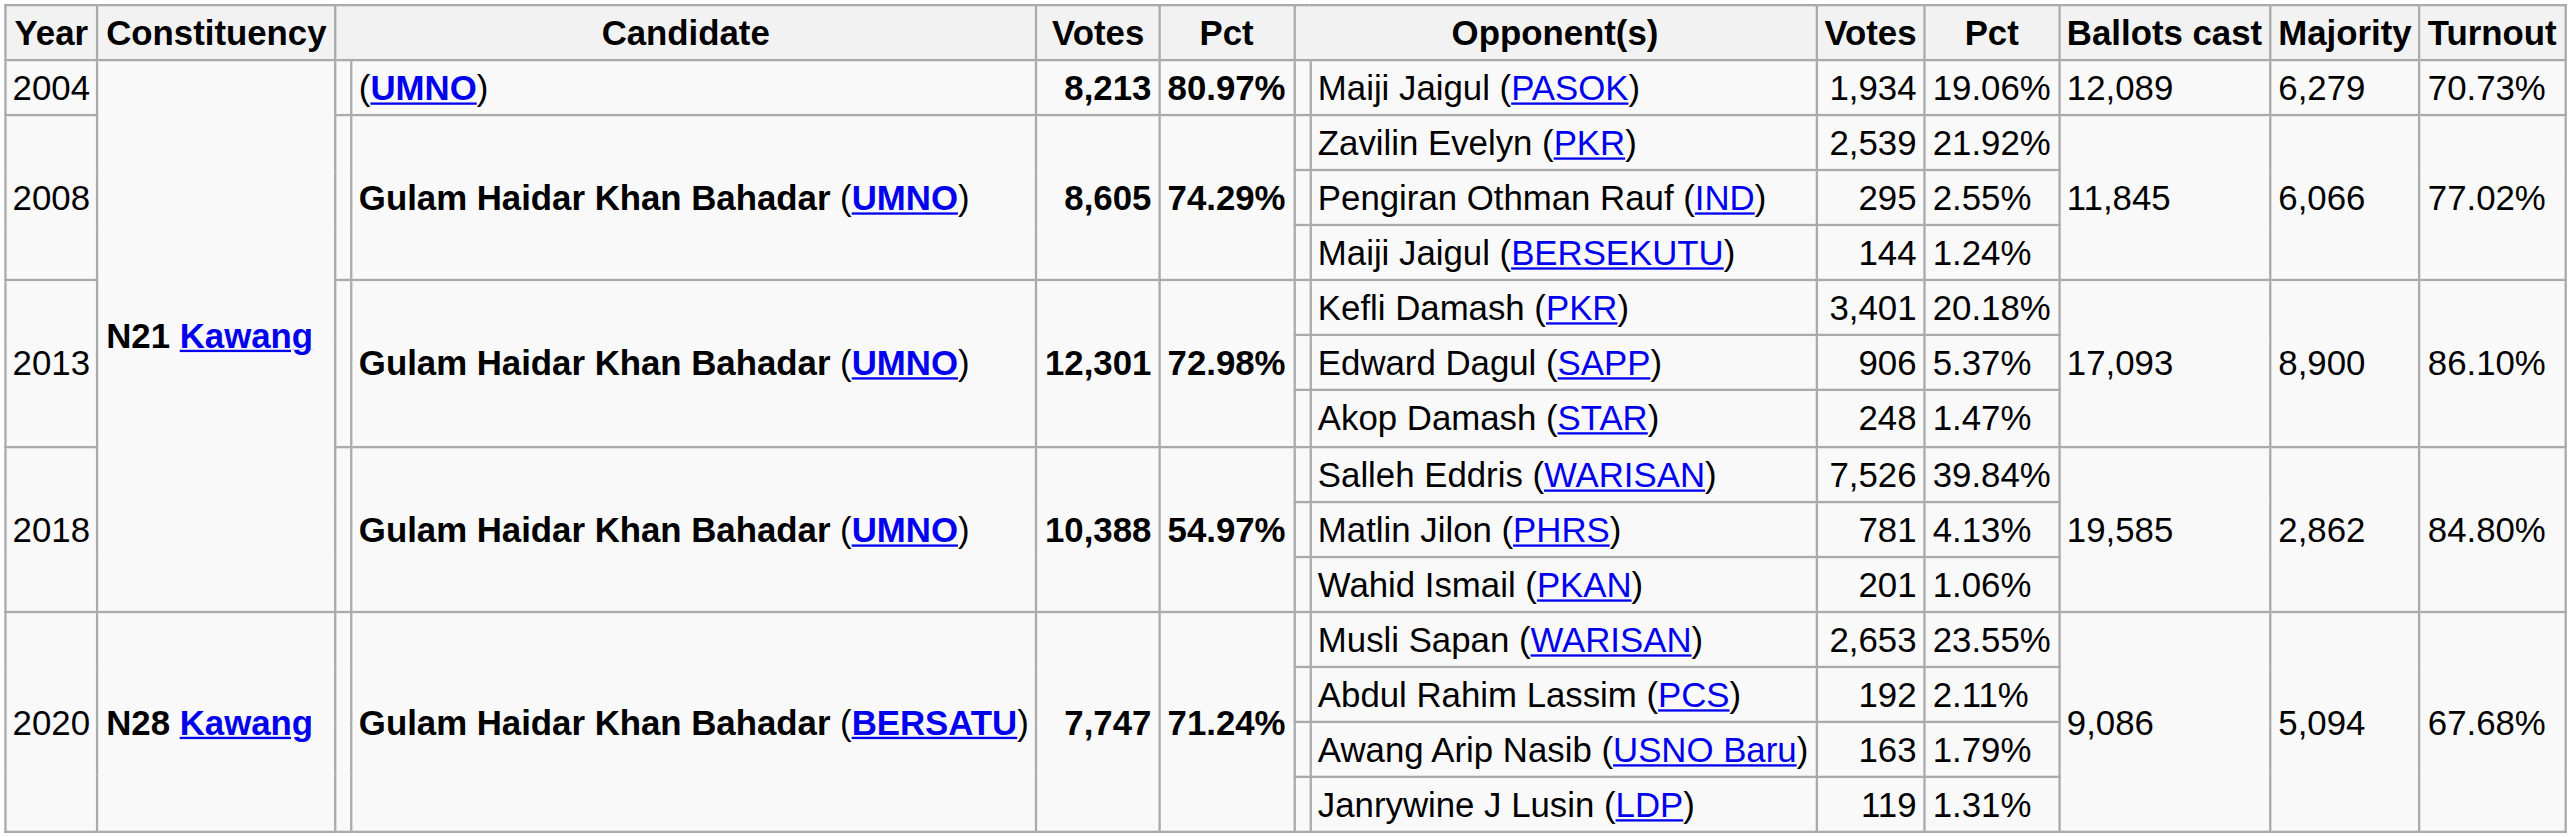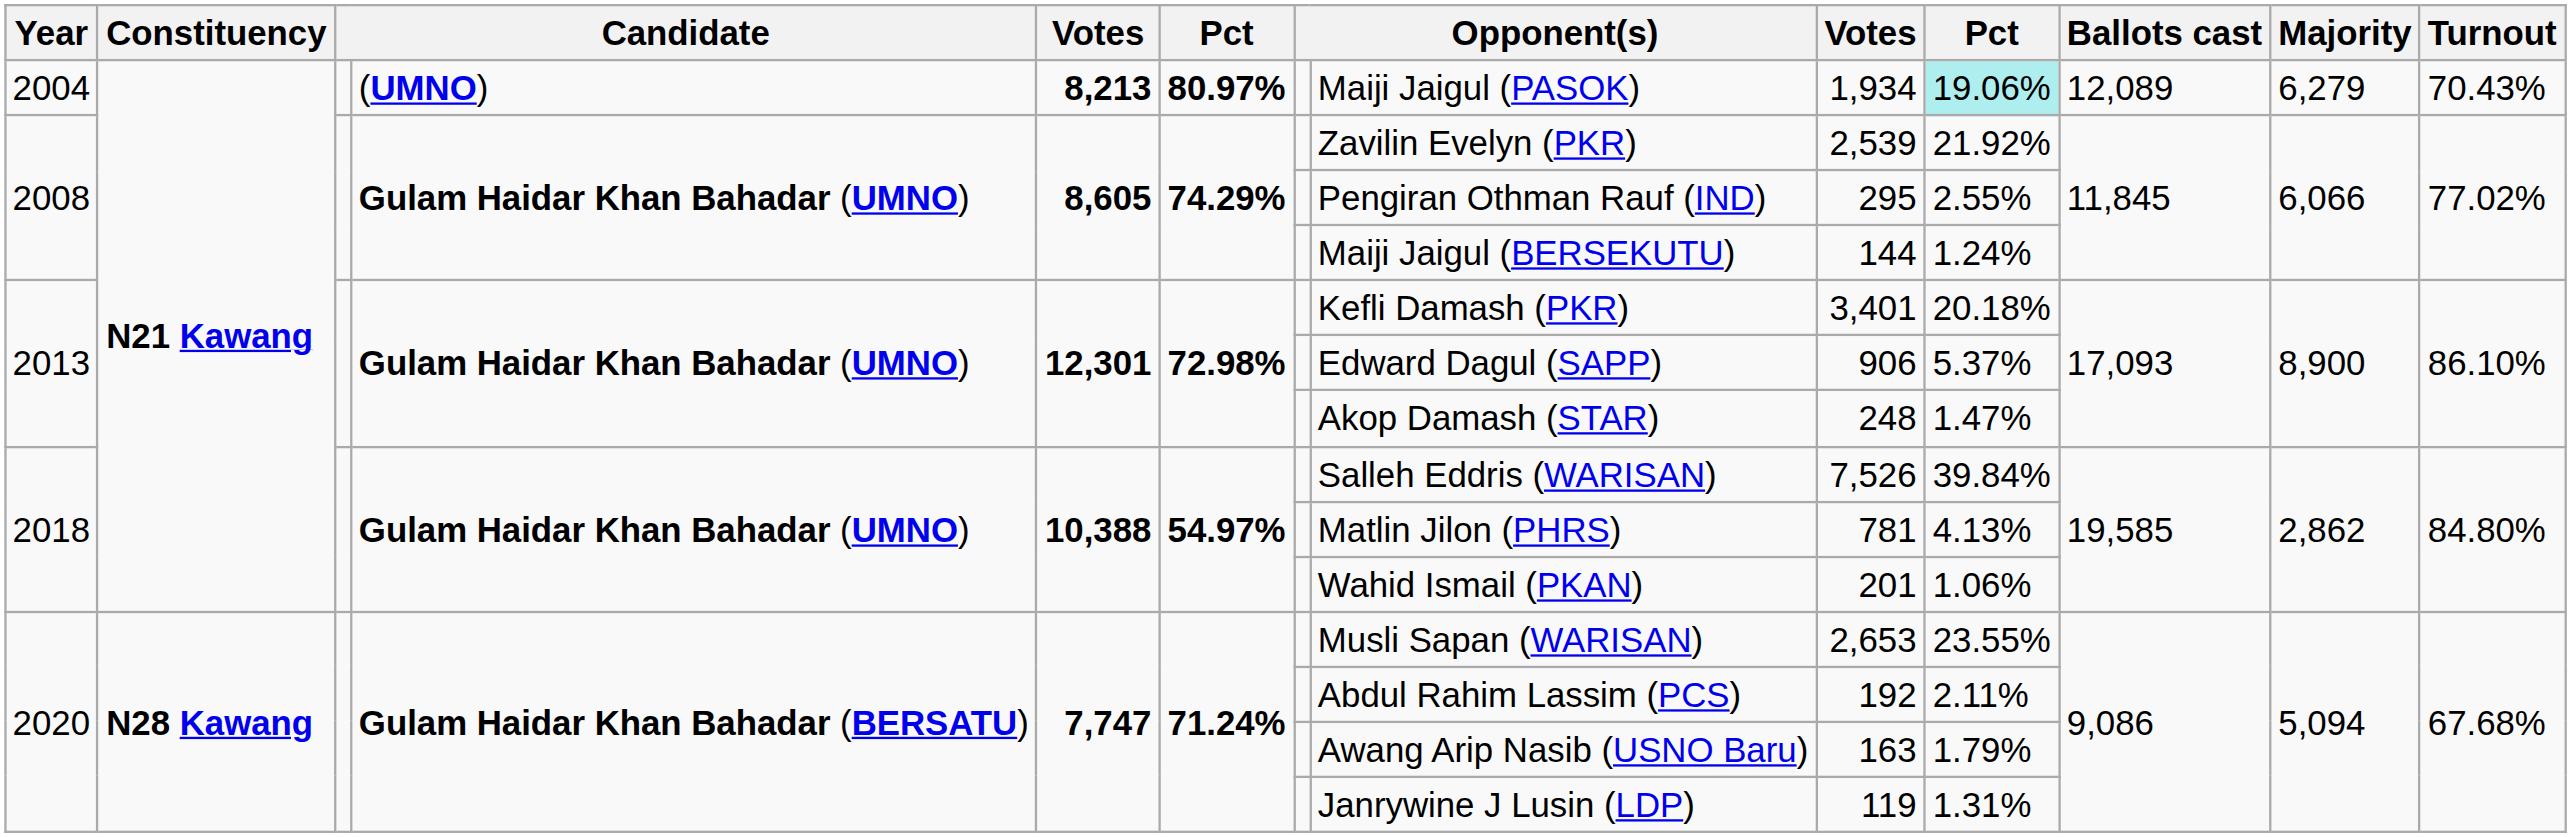 <table class="wikitable" style="margin:0.5em ; font-size:95%">
 <tr>
 <th>Year</th>
 <th>Constituency</th>
 <th colspan=2>Candidate</th>
 <th>Votes</th>
 <th>Pct</th>
 <th colspan=2>Opponent(s)</th>
 <th>Votes</th>
 <th>Pct</th>
 <th>Ballots cast</th>
 <th>Majority</th>
 <th>Turnout</th>
 </tr>
 <tr>
 <td>2004</td>
 <td rowspan=10><strong>N21 <a href='#'>Kawang</a></strong></td>
 <td></td>
 <td> (<a href='#'><strong>UMNO</strong></a>)</td>
 <td align="right"><strong>8,213</strong></td>
 <td><strong>80.97%</strong></td>
 <td></td>
 <td>Maiji Jaigul (<a href='#'>PASOK</a>)</td>
 <td align="right">1,934</td>
-<td>19.06%</td>
+<td style="background: paleturquoise;">19.06%</td>
 <td>12,089</td>
 <td>6,279</td>
-<td>70.73%</td>
+<td>70.43%</td>
 </tr>
 <tr>
 <td rowspan=3>2008</td>
 <td rowspan=3 ></td>
 <td rowspan=3><strong>Gulam Haidar Khan Bahadar</strong> (<a href='#'><strong>UMNO</strong></a>)</td>
 <td rowspan=3 align="right"><strong>8,605</strong></td>
 <td rowspan=3><strong>74.29%</strong></td>
 <td></td>
 <td>Zavilin Evelyn (<a href='#'>PKR</a>)</td>
 <td align="right">2,539</td>
 <td>21.92%</td>
 <td rowspan=3>11,845</td>
 <td rowspan=3>6,066</td>
 <td rowspan=3>77.02%</td>
 </tr>
 <tr>
 <td></td>
 <td>Pengiran Othman Rauf (<a href='#'>IND</a>)</td>
 <td align="right">295</td>
 <td>2.55%</td>
 </tr>
 <tr>
 <td></td>
 <td>Maiji Jaigul (<a href='#'>BERSEKUTU</a>)</td>
 <td align="right">144</td>
 <td>1.24%</td>
 </tr>
 <tr>
 <td rowspan=3>2013</td>
 <td rowspan=3 ></td>
 <td rowspan=3><strong>Gulam Haidar Khan Bahadar</strong> (<a href='#'><strong>UMNO</strong></a>)</td>
 <td rowspan=3 align="right"><strong>12,301</strong></td>
 <td rowspan=3><strong>72.98%</strong></td>
 <td></td>
 <td>Kefli Damash (<a href='#'>PKR</a>)</td>
 <td align="right">3,401</td>
 <td>20.18%</td>
 <td rowspan=3>17,093</td>
 <td rowspan=3>8,900</td>
 <td rowspan=3>86.10%</td>
 </tr>
 <tr>
 <td></td>
 <td>Edward Dagul (<a href='#'>SAPP</a>)</td>
 <td align="right">906</td>
 <td>5.37%</td>
 </tr>
 <tr>
 <td></td>
 <td>Akop Damash (<a href='#'>STAR</a>)</td>
 <td align="right">248</td>
 <td>1.47%</td>
 </tr>
 <tr>
 <td rowspan=3>2018</td>
 <td rowspan=3 ></td>
 <td rowspan=3><strong>Gulam Haidar Khan Bahadar</strong> (<a href='#'><strong>UMNO</strong></a>)</td>
 <td rowspan=3 align="right"><strong>10,388</strong></td>
 <td rowspan=3><strong>54.97%</strong></td>
 <td></td>
 <td>Salleh Eddris (<a href='#'>WARISAN</a>)</td>
 <td align="right">7,526</td>
 <td>39.84%</td>
 <td rowspan=3>19,585</td>
 <td rowspan=3>2,862</td>
 <td rowspan=3>84.80%</td>
 </tr>
 <tr>
 <td></td>
 <td>Matlin Jilon (<a href='#'>PHRS</a>)</td>
 <td align="right">781</td>
 <td>4.13%</td>
 </tr>
 <tr>
 <td></td>
 <td>Wahid Ismail (<a href='#'>PKAN</a>)</td>
 <td align="right">201</td>
 <td>1.06%</td>
 </tr>
 <tr>
 <td rowspan=4>2020</td>
 <td rowspan=4><strong>N28 <a href='#'>Kawang</a></strong></td>
 <td rowspan=4 ></td>
 <td rowspan=4><strong>Gulam Haidar Khan Bahadar</strong> (<a href='#'><strong>BERSATU</strong></a>)</td>
 <td rowspan=4 align="right"><strong>7,747</strong></td>
 <td rowspan=4><strong>71.24%</strong></td>
 <td></td>
 <td>Musli Sapan (<a href='#'>WARISAN</a>)</td>
 <td align="right">2,653</td>
 <td>23.55%</td>
 <td rowspan=4>9,086</td>
 <td rowspan=4>5,094</td>
 <td rowspan=4>67.68%</td>
 </tr>
 <tr>
 <td></td>
 <td>Abdul Rahim Lassim (<a href='#'>PCS</a>)</td>
 <td align="right">192</td>
 <td>2.11%</td>
 </tr>
 <tr>
 <td bgcolor=></td>
 <td>Awang Arip Nasib (<a href='#'>USNO Baru</a>)</td>
 <td align="right">163</td>
 <td>1.79%</td>
 </tr>
 <tr>
 <td></td>
 <td>Janrywine J Lusin (<a href='#'>LDP</a>)</td>
 <td align="right">119</td>
 <td>1.31%</td>
 </tr>
 </table>
